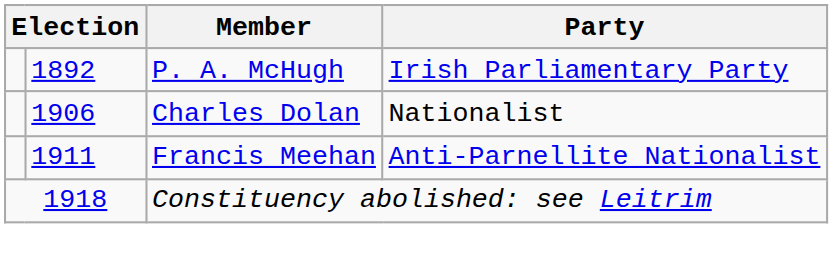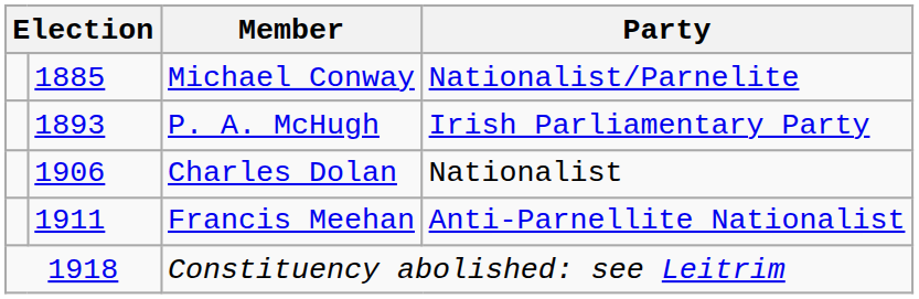 <table class="wikitable">
 <tr>
 <th colspan="2">Election</th>
 <th>Member</th>
 <th>Party</th>
 </tr>
 <tr>
 <td style="color:inherit;background-color: "></td>
-<td><a href='#'>1892</a></td>
+<td><a href='#'>1885</a></td>
+<td><a href='#'>Michael Conway</a></td>
+<td><a href='#'>Nationalist/Parnelite</a></td>
+</tr>
+<tr>
+<td style="color:inherit;background-color: "></td>
+<td><a href='#'>1893</a></td>
 <td><a href='#'>P. A. McHugh</a></td>
 <td><a href='#'>Irish Parliamentary Party</a></td>
 </tr>
 <tr>
 <td style="color:inherit;background-color: "></td>
 <td><a href='#'>1906</a></td>
 <td><a href='#'>Charles Dolan</a></td>
 <td>Nationalist</td>
 </tr>
 <tr>
 <td style="color:inherit;background-color: "></td>
 <td><a href='#'>1911</a></td>
 <td><a href='#'>Francis Meehan</a></td>
 <td><a href='#'>Anti-Parnellite Nationalist</a></td>
 </tr>
 <tr>
 <td colspan="2" align="center"><a href='#'>1918</a></td>
 <td colspan="2"><em>Constituency abolished: see <a href='#'>Leitrim</a></em></td>
 </tr>
 </table>
